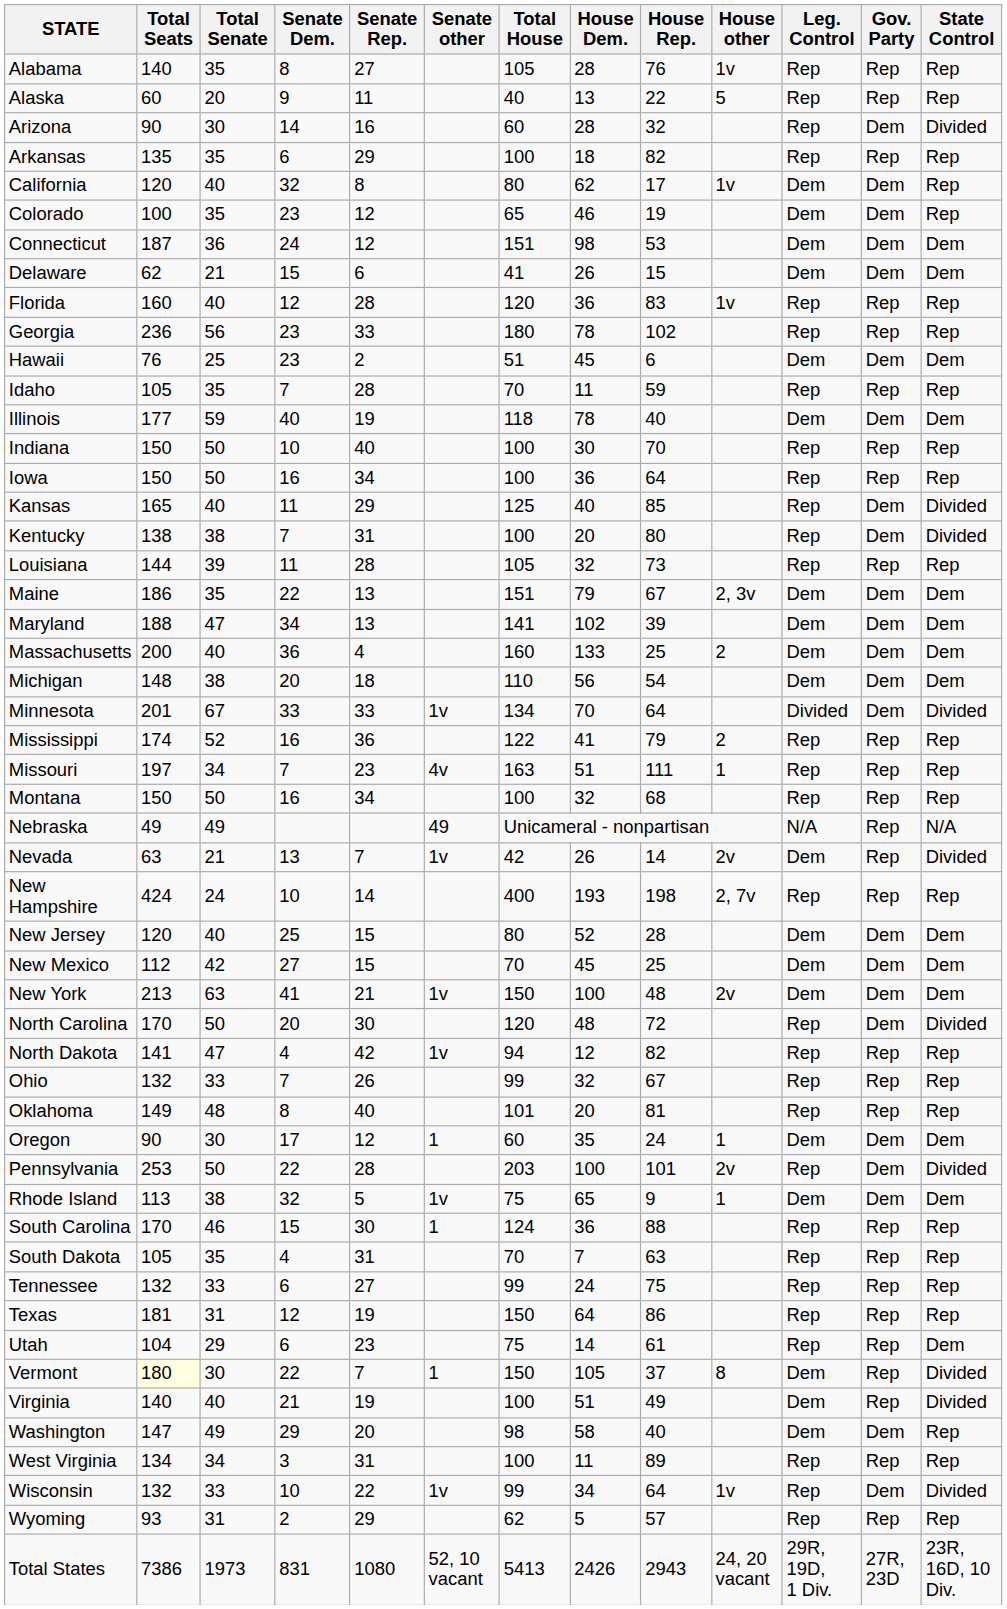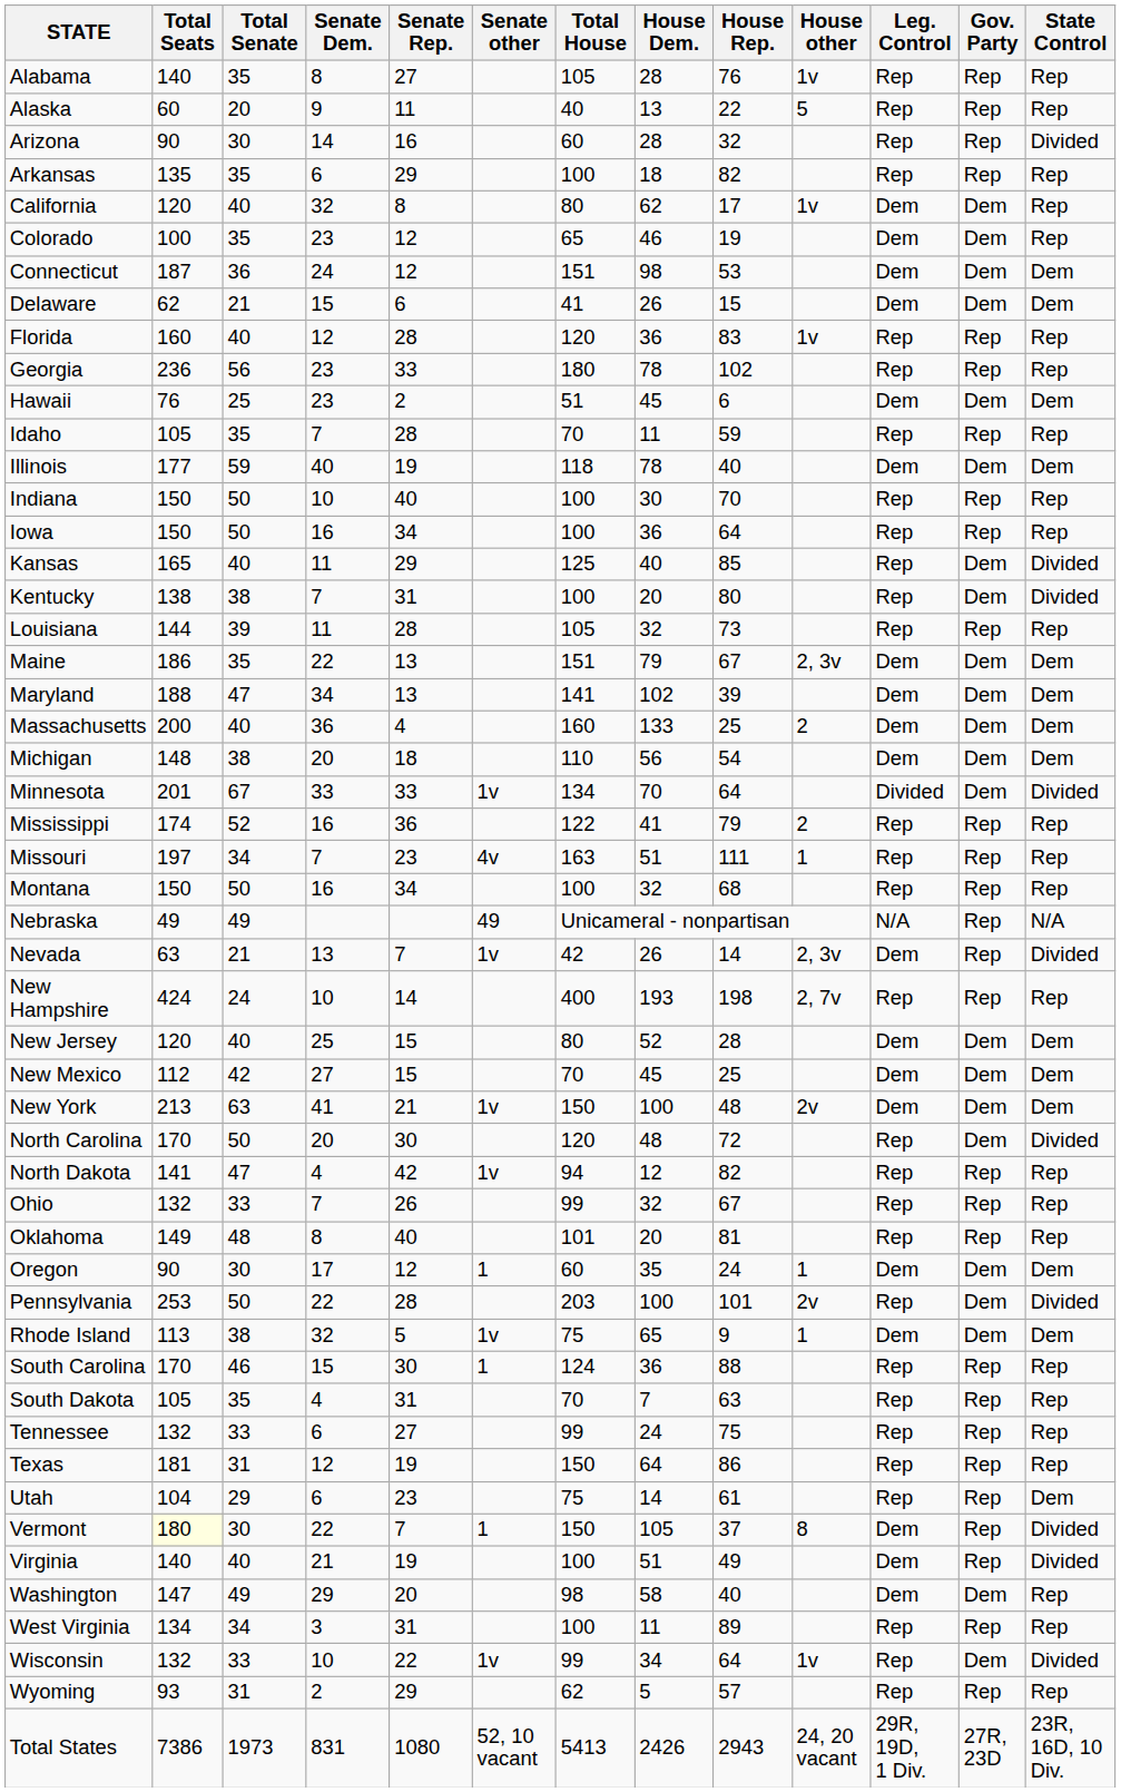 <table class="wikitable sortable mw-datatable sort-under sticky-table-row1 sticky-table-col1">
 <tr>
 <th>STATE</th>
 <th>Total Seats</th>
 <th>Total Senate</th>
 <th>Senate Dem.</th>
 <th>Senate Rep.</th>
 <th>Senate other</th>
 <th>Total House</th>
 <th>House Dem.</th>
 <th>House Rep.</th>
 <th>House other</th>
 <th>Leg. Control</th>
 <th>Gov. Party</th>
 <th>State Control</th>
 </tr>
 <tr>
 <td>Alabama</td>
 <td>140</td>
 <td>35</td>
 <td>8</td>
 <td>27</td>
 <td></td>
 <td>105</td>
 <td>28</td>
 <td>76</td>
 <td>1v</td>
 <td>Rep</td>
 <td>Rep</td>
 <td>Rep</td>
 </tr>
 <tr>
 <td>Alaska</td>
 <td>60</td>
 <td>20</td>
 <td>9</td>
 <td>11</td>
 <td></td>
 <td>40</td>
 <td>13</td>
 <td>22</td>
 <td>5</td>
 <td>Rep</td>
 <td>Rep</td>
 <td>Rep</td>
 </tr>
 <tr>
 <td>Arizona</td>
 <td>90</td>
 <td>30</td>
 <td>14</td>
 <td>16</td>
 <td></td>
 <td>60</td>
 <td>28</td>
 <td>32</td>
 <td></td>
 <td>Rep</td>
-<td>Dem</td>
+<td>Rep</td>
 <td>Divided</td>
 </tr>
 <tr>
 <td>Arkansas</td>
 <td>135</td>
 <td>35</td>
 <td>6</td>
 <td>29</td>
 <td></td>
 <td>100</td>
 <td>18</td>
 <td>82</td>
 <td></td>
 <td>Rep</td>
 <td>Rep</td>
 <td>Rep</td>
 </tr>
 <tr>
 <td>California</td>
 <td>120</td>
 <td>40</td>
 <td>32</td>
 <td>8</td>
 <td></td>
 <td>80</td>
 <td>62</td>
 <td>17</td>
 <td>1v</td>
 <td>Dem</td>
 <td>Dem</td>
 <td>Rep</td>
 </tr>
 <tr>
 <td>Colorado</td>
 <td>100</td>
 <td>35</td>
 <td>23</td>
 <td>12</td>
 <td></td>
 <td>65</td>
 <td>46</td>
 <td>19</td>
 <td></td>
 <td>Dem</td>
 <td>Dem</td>
 <td>Rep</td>
 </tr>
 <tr>
 <td>Connecticut</td>
 <td>187</td>
 <td>36</td>
 <td>24</td>
 <td>12</td>
 <td></td>
 <td>151</td>
 <td>98</td>
 <td>53</td>
 <td></td>
 <td>Dem</td>
 <td>Dem</td>
 <td>Dem</td>
 </tr>
 <tr>
 <td>Delaware</td>
 <td>62</td>
 <td>21</td>
 <td>15</td>
 <td>6</td>
 <td></td>
 <td>41</td>
 <td>26</td>
 <td>15</td>
 <td></td>
 <td>Dem</td>
 <td>Dem</td>
 <td>Dem</td>
 </tr>
 <tr>
 <td>Florida</td>
 <td>160</td>
 <td>40</td>
 <td>12</td>
 <td>28</td>
 <td></td>
 <td>120</td>
 <td>36</td>
 <td>83</td>
 <td>1v</td>
 <td>Rep</td>
 <td>Rep</td>
 <td>Rep</td>
 </tr>
 <tr>
 <td>Georgia</td>
 <td>236</td>
 <td>56</td>
 <td>23</td>
 <td>33</td>
 <td></td>
 <td>180</td>
 <td>78</td>
 <td>102</td>
 <td></td>
 <td>Rep</td>
 <td>Rep</td>
 <td>Rep</td>
 </tr>
 <tr>
 <td>Hawaii</td>
 <td>76</td>
 <td>25</td>
 <td>23</td>
 <td>2</td>
 <td></td>
 <td>51</td>
 <td>45</td>
 <td>6</td>
 <td></td>
 <td>Dem</td>
 <td>Dem</td>
 <td>Dem</td>
 </tr>
 <tr>
 <td>Idaho</td>
 <td>105</td>
 <td>35</td>
 <td>7</td>
 <td>28</td>
 <td></td>
 <td>70</td>
 <td>11</td>
 <td>59</td>
 <td></td>
 <td>Rep</td>
 <td>Rep</td>
 <td>Rep</td>
 </tr>
 <tr>
 <td>Illinois</td>
 <td>177</td>
 <td>59</td>
 <td>40</td>
 <td>19</td>
 <td></td>
 <td>118</td>
 <td>78</td>
 <td>40</td>
 <td></td>
 <td>Dem</td>
 <td>Dem</td>
 <td>Dem</td>
 </tr>
 <tr>
 <td>Indiana</td>
 <td>150</td>
 <td>50</td>
 <td>10</td>
 <td>40</td>
 <td></td>
 <td>100</td>
 <td>30</td>
 <td>70</td>
 <td></td>
 <td>Rep</td>
 <td>Rep</td>
 <td>Rep</td>
 </tr>
 <tr>
 <td>Iowa</td>
 <td>150</td>
 <td>50</td>
 <td>16</td>
 <td>34</td>
 <td></td>
 <td>100</td>
 <td>36</td>
 <td>64</td>
 <td></td>
 <td>Rep</td>
 <td>Rep</td>
 <td>Rep</td>
 </tr>
 <tr>
 <td>Kansas</td>
 <td>165</td>
 <td>40</td>
 <td>11</td>
 <td>29</td>
 <td></td>
 <td>125</td>
 <td>40</td>
 <td>85</td>
 <td></td>
 <td>Rep</td>
 <td>Dem</td>
 <td>Divided</td>
 </tr>
 <tr>
 <td>Kentucky</td>
 <td>138</td>
 <td>38</td>
 <td>7</td>
 <td>31</td>
 <td></td>
 <td>100</td>
 <td>20</td>
 <td>80</td>
 <td></td>
 <td>Rep</td>
 <td>Dem</td>
 <td>Divided</td>
 </tr>
 <tr>
 <td>Louisiana</td>
 <td>144</td>
 <td>39</td>
 <td>11</td>
 <td>28</td>
 <td></td>
 <td>105</td>
 <td>32</td>
 <td>73</td>
 <td></td>
 <td>Rep</td>
 <td>Rep</td>
 <td>Rep</td>
 </tr>
 <tr>
 <td>Maine</td>
 <td>186</td>
 <td>35</td>
 <td>22</td>
 <td>13</td>
 <td></td>
 <td>151</td>
 <td>79</td>
 <td>67</td>
 <td>2, 3v</td>
 <td>Dem</td>
 <td>Dem</td>
 <td>Dem</td>
 </tr>
 <tr>
 <td>Maryland</td>
 <td>188</td>
 <td>47</td>
 <td>34</td>
 <td>13</td>
 <td></td>
 <td>141</td>
 <td>102</td>
 <td>39</td>
 <td></td>
 <td>Dem</td>
 <td>Dem</td>
 <td>Dem</td>
 </tr>
 <tr>
 <td>Massachusetts</td>
 <td>200</td>
 <td>40</td>
 <td>36</td>
 <td>4</td>
 <td></td>
 <td>160</td>
 <td>133</td>
 <td>25</td>
 <td>2</td>
 <td>Dem</td>
 <td>Dem</td>
 <td>Dem</td>
 </tr>
 <tr>
 <td>Michigan</td>
 <td>148</td>
 <td>38</td>
 <td>20</td>
 <td>18</td>
 <td></td>
 <td>110</td>
 <td>56</td>
 <td>54</td>
 <td></td>
 <td>Dem</td>
 <td>Dem</td>
 <td>Dem</td>
 </tr>
 <tr>
 <td>Minnesota</td>
 <td>201</td>
 <td>67</td>
 <td>33</td>
 <td>33</td>
 <td>1v</td>
 <td>134</td>
 <td>70</td>
 <td>64</td>
 <td></td>
 <td>Divided</td>
 <td>Dem</td>
 <td>Divided</td>
 </tr>
 <tr>
 <td>Mississippi</td>
 <td>174</td>
 <td>52</td>
 <td>16</td>
 <td>36</td>
 <td></td>
 <td>122</td>
 <td>41</td>
 <td>79</td>
 <td>2</td>
 <td>Rep</td>
 <td>Rep</td>
 <td>Rep</td>
 </tr>
 <tr>
 <td>Missouri</td>
 <td>197</td>
 <td>34</td>
 <td>7</td>
 <td>23</td>
 <td>4v</td>
 <td>163</td>
 <td>51</td>
 <td>111</td>
 <td>1</td>
 <td>Rep</td>
 <td>Rep</td>
 <td>Rep</td>
 </tr>
 <tr>
 <td>Montana</td>
 <td>150</td>
 <td>50</td>
 <td>16</td>
 <td>34</td>
 <td></td>
 <td>100</td>
 <td>32</td>
 <td>68</td>
 <td></td>
 <td>Rep</td>
 <td>Rep</td>
 <td>Rep</td>
 </tr>
 <tr>
 <td>Nebraska</td>
 <td>49</td>
 <td>49</td>
 <td></td>
 <td></td>
 <td>49</td>
 <td colspan="4">Unicameral - nonpartisan</td>
 <td>N/A</td>
 <td>Rep</td>
 <td>N/A</td>
 </tr>
 <tr>
 <td>Nevada</td>
 <td>63</td>
 <td>21</td>
 <td>13</td>
 <td>7</td>
 <td>1v</td>
 <td>42</td>
 <td>26</td>
 <td>14</td>
-<td>2v</td>
+<td>2, 3v</td>
 <td>Dem</td>
 <td>Rep</td>
 <td>Divided</td>
 </tr>
 <tr>
 <td>New Hampshire</td>
 <td>424</td>
 <td>24</td>
 <td>10</td>
 <td>14</td>
 <td></td>
 <td>400</td>
 <td>193</td>
 <td>198</td>
 <td>2, 7v</td>
 <td>Rep</td>
 <td>Rep</td>
 <td>Rep</td>
 </tr>
 <tr>
 <td>New Jersey</td>
 <td>120</td>
 <td>40</td>
 <td>25</td>
 <td>15</td>
 <td></td>
 <td>80</td>
 <td>52</td>
 <td>28</td>
 <td></td>
 <td>Dem</td>
 <td>Dem</td>
 <td>Dem</td>
 </tr>
 <tr>
 <td>New Mexico</td>
 <td>112</td>
 <td>42</td>
 <td>27</td>
 <td>15</td>
 <td></td>
 <td>70</td>
 <td>45</td>
 <td>25</td>
 <td></td>
 <td>Dem</td>
 <td>Dem</td>
 <td>Dem</td>
 </tr>
 <tr>
 <td>New York</td>
 <td>213</td>
 <td>63</td>
 <td>41</td>
 <td>21</td>
 <td>1v</td>
 <td>150</td>
 <td>100</td>
 <td>48</td>
 <td>2v</td>
 <td>Dem</td>
 <td>Dem</td>
 <td>Dem</td>
 </tr>
 <tr>
 <td>North Carolina</td>
 <td>170</td>
 <td>50</td>
 <td>20</td>
 <td>30</td>
 <td></td>
 <td>120</td>
 <td>48</td>
 <td>72</td>
 <td></td>
 <td>Rep</td>
 <td>Dem</td>
 <td>Divided</td>
 </tr>
 <tr>
 <td>North Dakota</td>
 <td>141</td>
 <td>47</td>
 <td>4</td>
 <td>42</td>
 <td>1v</td>
 <td>94</td>
 <td>12</td>
 <td>82</td>
 <td></td>
 <td>Rep</td>
 <td>Rep</td>
 <td>Rep</td>
 </tr>
 <tr>
 <td>Ohio</td>
 <td>132</td>
 <td>33</td>
 <td>7</td>
 <td>26</td>
 <td></td>
 <td>99</td>
 <td>32</td>
 <td>67</td>
 <td></td>
 <td>Rep</td>
 <td>Rep</td>
 <td>Rep</td>
 </tr>
 <tr>
 <td>Oklahoma</td>
 <td>149</td>
 <td>48</td>
 <td>8</td>
 <td>40</td>
 <td></td>
 <td>101</td>
 <td>20</td>
 <td>81</td>
 <td></td>
 <td>Rep</td>
 <td>Rep</td>
 <td>Rep</td>
 </tr>
 <tr>
 <td>Oregon</td>
 <td>90</td>
 <td>30</td>
 <td>17</td>
 <td>12</td>
 <td>1</td>
 <td>60</td>
 <td>35</td>
 <td>24</td>
 <td>1</td>
 <td>Dem</td>
 <td>Dem</td>
 <td>Dem</td>
 </tr>
 <tr>
 <td>Pennsylvania</td>
 <td>253</td>
 <td>50</td>
 <td>22</td>
 <td>28</td>
 <td></td>
 <td>203</td>
 <td>100</td>
 <td>101</td>
 <td>2v</td>
 <td>Rep</td>
 <td>Dem</td>
 <td>Divided</td>
 </tr>
 <tr>
 <td>Rhode Island</td>
 <td>113</td>
 <td>38</td>
 <td>32</td>
 <td>5</td>
 <td>1v</td>
 <td>75</td>
 <td>65</td>
 <td>9</td>
 <td>1</td>
 <td>Dem</td>
 <td>Dem</td>
 <td>Dem</td>
 </tr>
 <tr>
 <td>South Carolina</td>
 <td>170</td>
 <td>46</td>
 <td>15</td>
 <td>30</td>
 <td>1</td>
 <td>124</td>
 <td>36</td>
 <td>88</td>
 <td></td>
 <td>Rep</td>
 <td>Rep</td>
 <td>Rep</td>
 </tr>
 <tr>
 <td>South Dakota</td>
 <td>105</td>
 <td>35</td>
 <td>4</td>
 <td>31</td>
 <td></td>
 <td>70</td>
 <td>7</td>
 <td>63</td>
 <td></td>
 <td>Rep</td>
 <td>Rep</td>
 <td>Rep</td>
 </tr>
 <tr>
 <td>Tennessee</td>
 <td>132</td>
 <td>33</td>
 <td>6</td>
 <td>27</td>
 <td></td>
 <td>99</td>
 <td>24</td>
 <td>75</td>
 <td></td>
 <td>Rep</td>
 <td>Rep</td>
 <td>Rep</td>
 </tr>
 <tr>
 <td>Texas</td>
 <td>181</td>
 <td>31</td>
 <td>12</td>
 <td>19</td>
 <td></td>
 <td>150</td>
 <td>64</td>
 <td>86</td>
 <td></td>
 <td>Rep</td>
 <td>Rep</td>
 <td>Rep</td>
 </tr>
 <tr>
 <td>Utah</td>
 <td>104</td>
 <td>29</td>
 <td>6</td>
 <td>23</td>
 <td></td>
 <td>75</td>
 <td>14</td>
 <td>61</td>
 <td></td>
 <td>Rep</td>
 <td>Rep</td>
 <td>Dem</td>
 </tr>
 <tr>
 <td>Vermont</td>
 <td style="background: lightyellow;">180</td>
 <td>30</td>
 <td>22</td>
 <td>7</td>
 <td>1</td>
 <td>150</td>
 <td>105</td>
 <td>37</td>
 <td>8</td>
 <td>Dem</td>
 <td>Rep</td>
 <td>Divided</td>
 </tr>
 <tr>
 <td>Virginia</td>
 <td>140</td>
 <td>40</td>
 <td>21</td>
 <td>19</td>
 <td></td>
 <td>100</td>
 <td>51</td>
 <td>49</td>
 <td></td>
 <td>Dem</td>
 <td>Rep</td>
 <td>Divided</td>
 </tr>
 <tr>
 <td>Washington</td>
 <td>147</td>
 <td>49</td>
 <td>29</td>
 <td>20</td>
 <td></td>
 <td>98</td>
 <td>58</td>
 <td>40</td>
 <td></td>
 <td>Dem</td>
 <td>Dem</td>
 <td>Rep</td>
 </tr>
 <tr>
 <td>West Virginia</td>
 <td>134</td>
 <td>34</td>
 <td>3</td>
 <td>31</td>
 <td></td>
 <td>100</td>
 <td>11</td>
 <td>89</td>
 <td></td>
 <td>Rep</td>
 <td>Rep</td>
 <td>Rep</td>
 </tr>
 <tr>
 <td>Wisconsin</td>
 <td>132</td>
 <td>33</td>
 <td>10</td>
 <td>22</td>
 <td>1v</td>
 <td>99</td>
 <td>34</td>
 <td>64</td>
 <td>1v</td>
 <td>Rep</td>
 <td>Dem</td>
 <td>Divided</td>
 </tr>
 <tr>
 <td>Wyoming</td>
 <td>93</td>
 <td>31</td>
 <td>2</td>
 <td>29</td>
 <td></td>
 <td>62</td>
 <td>5</td>
 <td>57</td>
 <td></td>
 <td>Rep</td>
 <td>Rep</td>
 <td>Rep</td>
 </tr>
 <tr class=sortbottom>
 <td>Total States</td>
 <td>7386</td>
 <td>1973</td>
 <td>831</td>
 <td>1080</td>
 <td>52, 10<br>vacant</td>
 <td>5413</td>
 <td>2426</td>
 <td>2943</td>
 <td>24, 20<br>vacant</td>
 <td>29R, 19D,<br>1 Div.</td>
 <td>27R,<br>23D</td>
 <td>23R,<br>16D, 10 Div.</td>
 </tr>
 </table>
